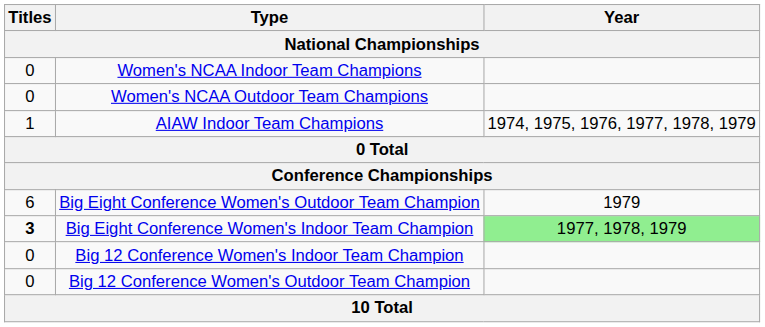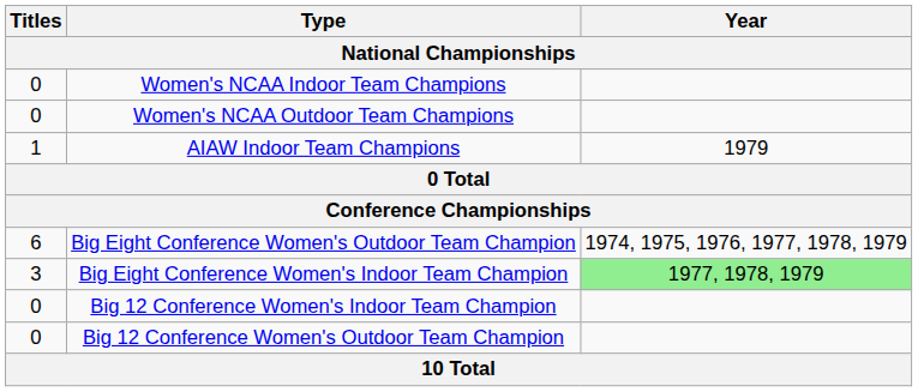 <table class="wikitable" style="text-align:center">
 <tr>
 <th>Titles</th>
 <th>Type</th>
 <th>Year</th>
 </tr>
 <tr>
 <th colspan=3>National Championships</th>
 </tr>
 <tr>
 <td>0</td>
 <td><a href='#'>Women's NCAA Indoor Team Champions</a></td>
 <td></td>
 </tr>
 <tr>
 <td>0</td>
 <td><a href='#'>Women's NCAA Outdoor Team Champions</a></td>
 <td></td>
 </tr>
 <tr>
 <td>1</td>
 <td><a href='#'>AIAW Indoor Team Champions</a></td>
-<td>1974, 1975, 1976, 1977, 1978, 1979</td>
+<td>1979</td>
 </tr>
 <tr>
 <th colspan=3>0 Total</th>
 </tr>
 <tr>
 <th colspan=8>Conference Championships</th>
 </tr>
 <tr>
 <td>6</td>
 <td><a href='#'>Big Eight Conference Women's Outdoor Team Champion</a></td>
-<td>1979</td>
+<td>1974, 1975, 1976, 1977, 1978, 1979</td>
 </tr>
 <tr>
-<td><strong>3</strong></td>
+<td>3</td>
 <td><a href='#'>Big Eight Conference Women's Indoor Team Champion</a></td>
 <td style="background: lightgreen;">1977, 1978, 1979</td>
 </tr>
 <tr>
 <td>0</td>
 <td><a href='#'>Big 12 Conference Women's Indoor Team Champion</a></td>
 <td></td>
 </tr>
 <tr>
 <td>0</td>
 <td><a href='#'>Big 12 Conference Women's Outdoor Team Champion</a></td>
 <td></td>
 </tr>
 <tr>
 <th colspan=3>10 Total</th>
 </tr>
 </table>
